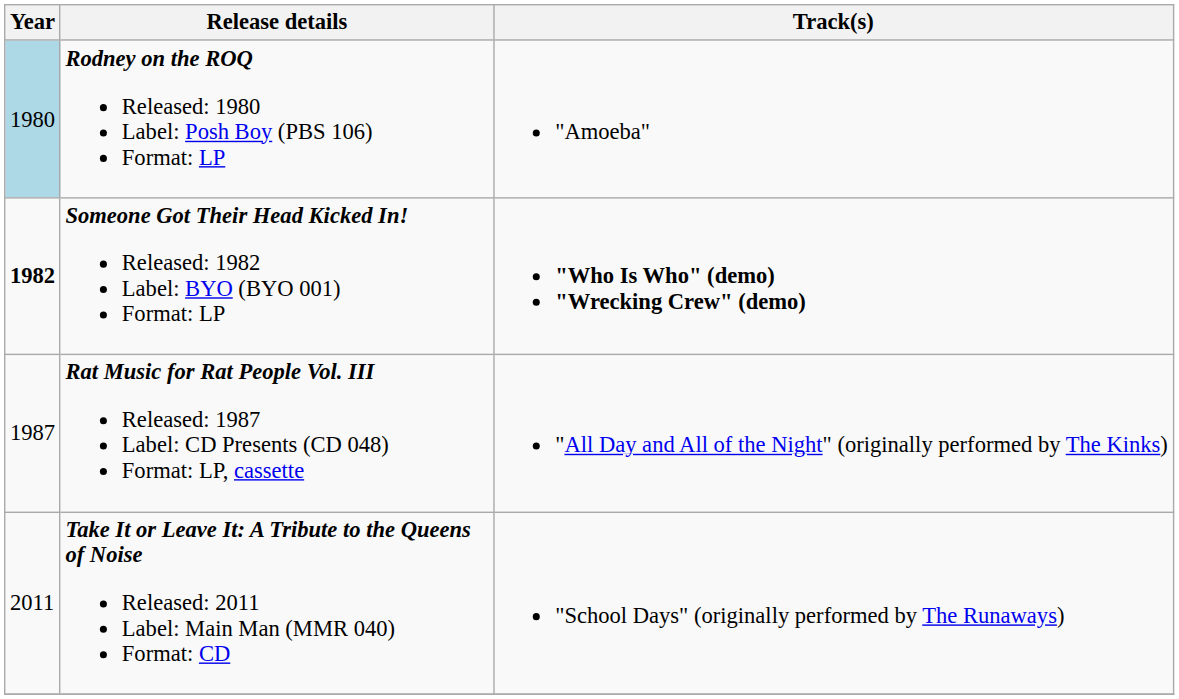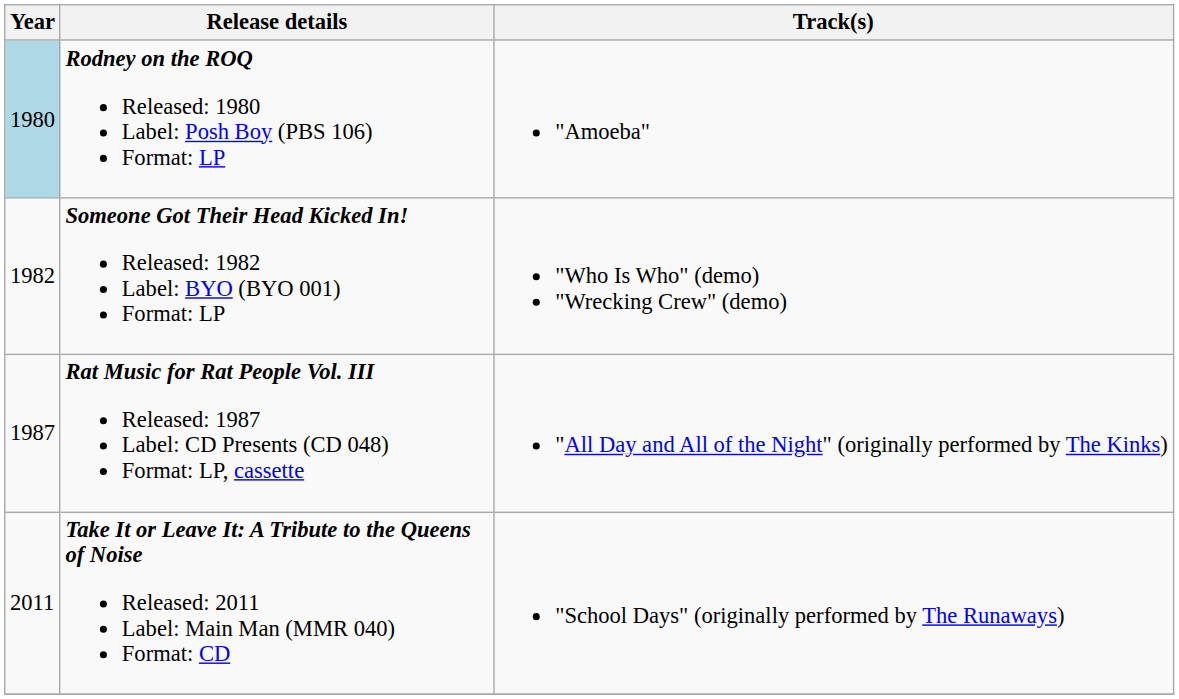 <table class ="wikitable">
 <tr>
 <th>Year</th>
 <th width="300">Release details</th>
 <th>Track(s)</th>
 </tr>
 <tr>
 <td style="background: lightblue;">1980</td>
 <td><strong><em>Rodney on the ROQ</em></strong><br><ul><li>Released: 1980</li><li>Label: <a href='#'>Posh Boy</a> (PBS 106)</li><li>Format: <a href='#'>LP</a></li></ul></td>
 <td><br><ul><li>"Amoeba"</li></ul></td>
 </tr>
 <tr>
-<td><strong>1982</strong></td>
+<td>1982</td>
 <td><strong><em>Someone Got Their Head Kicked In!</em></strong><br><ul><li>Released: 1982</li><li>Label: <a href='#'>BYO</a> (BYO 001)</li><li>Format: LP</li></ul></td>
-<td><strong><br><ul><li>"Who Is Who" (demo)</li><li>"Wrecking Crew" (demo)</li></ul></strong></td>
+<td><br><ul><li>"Who Is Who" (demo)</li><li>"Wrecking Crew" (demo)</li></ul></td>
 </tr>
 <tr>
 <td>1987</td>
 <td><strong><em>Rat Music for Rat People Vol. III</em></strong><br><ul><li>Released: 1987</li><li>Label: CD Presents (CD 048)</li><li>Format: LP, <a href='#'>cassette</a></li></ul></td>
 <td><br><ul><li>"<a href='#'>All Day and All of the Night</a>" (originally performed by <a href='#'>The Kinks</a>)</li></ul></td>
 </tr>
 <tr>
 <td>2011</td>
 <td><strong><em>Take It or Leave It: A Tribute to the Queens of Noise</em></strong><br><ul><li>Released: 2011</li><li>Label: Main Man (MMR 040)</li><li>Format: <a href='#'>CD</a></li></ul></td>
 <td><br><ul><li>"School Days" (originally performed by <a href='#'>The Runaways</a>)</li></ul></td>
 </tr>
 <tr>
 </tr>
 </table>
